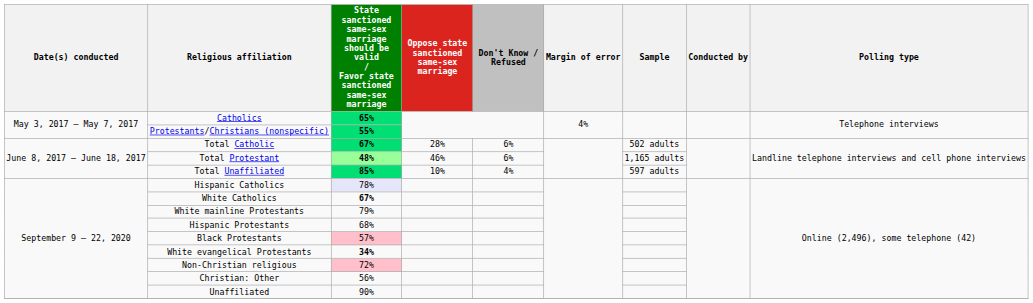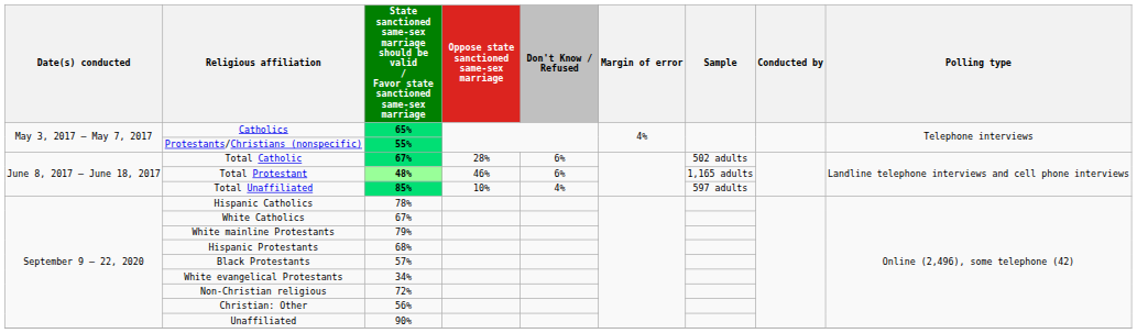 <table class="wikitable sortable" style="text-align:center;font-size:95%;line-height:14px">
 <tr>
 <th>Date(s) conducted</th>
 <th>Religious affiliation</th>
 <th data-sort- type="number" style="background:green; color:white; width:100px;">State sanctioned same-sex marriage should be valid<br>/<br>Favor state sanctioned same-sex marriage</th>
 <th data-sort- type="number" style="background:#dc241f; color:white; width:100px;">Oppose state sanctioned same-sex marriage</th>
 <th data-sort- type="number" style="background:silver; width:100px;">Don't Know / Refused</th>
 <th data-sort-type="number">Margin of error</th>
 <th data-sort-type="number">Sample</th>
 <th>Conducted by</th>
 <th>Polling type</th>
 </tr>
 <tr>
 <td rowspan=2 colspan=1 align="center">May 3, 2017 – May 7, 2017</td>
 <td><a href='#'>Catholics</a></td>
 <td style="background: rgb(1, 223, 116);"><strong>65%</strong></td>
 <td rowspan=2 colspan=2 align="center"></td>
 <td rowspan=2 colspan=1 align="center">4%</td>
 <td rowspan=2 colspan=1 align="center"></td>
 <td rowspan=2 colspan=1 align="center"></td>
 <td rowspan=2 colspan=1 align="center">Telephone interviews</td>
 </tr>
 <tr>
 <td><a href='#'>Protestants</a>/<a href='#'>Christians (nonspecific)</a></td>
 <td style="background: rgb(1, 223, 116);"><strong>55%</strong></td>
 </tr>
 <tr>
 <td rowspan=3 colspan=1 align="center">June 8, 2017 – June 18, 2017</td>
 <td>Total <a href='#'>Catholic</a></td>
 <td style="background: rgb(1, 223, 116);"><strong>67%</strong></td>
 <td>28%</td>
 <td>6%</td>
 <td rowspan=3 colspan=1 align="center"></td>
 <td>502 adults</td>
 <td rowspan=3 colspan=1 align="center"></td>
 <td rowspan=3 colspan=1 align="center">Landline telephone interviews and cell phone interviews</td>
 </tr>
 <tr>
 <td>Total <a href='#'>Protestant</a></td>
 <td style="background: rgb(153, 255, 153);"><strong>48%</strong></td>
 <td>46%</td>
 <td>6%</td>
 <td>1,165 adults</td>
 </tr>
 <tr>
 <td>Total <a href='#'>Unaffiliated</a></td>
 <td style="background: rgb(1, 223, 116);"><strong>85%</strong></td>
 <td>10%</td>
 <td>4%</td>
 <td>597 adults</td>
 </tr>
 <tr>
 <td rowspan="9">September 9 – 22, 2020</td>
 <td>Hispanic Catholics</td>
-<td style="background: lavender;">78%</td>
+<td>78%</td>
 <td></td>
 <td></td>
 <td rowspan="9"></td>
 <td></td>
 <td rowspan="9"></td>
 <td rowspan="9">Online (2,496), some telephone (42)</td>
 </tr>
 <tr>
 <td>White Catholics</td>
-<td><strong>67%</strong></td>
+<td>67%</td>
 <td></td>
 <td></td>
 <td></td>
 </tr>
 <tr>
 <td>White mainline Protestants</td>
 <td>79%</td>
 <td></td>
 <td></td>
 <td></td>
 </tr>
 <tr>
 <td>Hispanic Protestants</td>
 <td>68%</td>
 <td></td>
 <td></td>
 <td></td>
 </tr>
 <tr>
 <td>Black Protestants</td>
-<td style="background: pink;">57%</td>
+<td>57%</td>
 <td></td>
 <td></td>
 <td></td>
 </tr>
 <tr>
 <td>White evangelical Protestants</td>
-<td><strong>34%</strong></td>
+<td>34%</td>
 <td></td>
 <td></td>
 <td></td>
 </tr>
 <tr>
 <td>Non-Christian religious</td>
-<td style="background: pink;">72%</td>
+<td>72%</td>
 <td></td>
 <td></td>
 <td></td>
 </tr>
 <tr>
 <td>Christian: Other</td>
 <td>56%</td>
 <td></td>
 <td></td>
 <td></td>
 </tr>
 <tr>
 <td>Unaffiliated</td>
 <td>90%</td>
 <td></td>
 <td></td>
 <td></td>
 </tr>
 <tr>
 </tr>
 </table>
